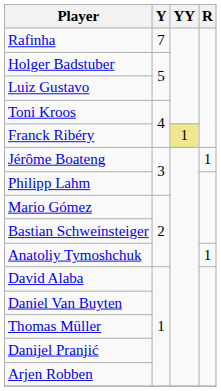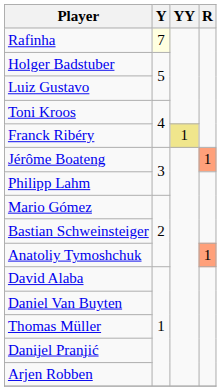 <table class="wikitable">
 <tr>
 <th>Player</th>
 <th>Y</th>
 <th>YY</th>
 <th>R</th>
 </tr>
 <tr>
 <td> <a href='#'>Rafinha</a></td>
-<td align=center>7</td>
+<td align=center style="background: lightyellow;">7</td>
 <td rowspan="4" align=center></td>
 <td rowspan="5" align=center></td>
 </tr>
 <tr>
 <td> <a href='#'>Holger Badstuber</a></td>
 <td rowspan="2" align=center>5</td>
 </tr>
 <tr>
 <td> <a href='#'>Luiz Gustavo</a></td>
 </tr>
 <tr>
 <td> <a href='#'>Toni Kroos</a></td>
 <td rowspan="2" align=center>4</td>
 </tr>
 <tr>
 <td> <a href='#'>Franck Ribéry</a></td>
 <td align=center style="background: khaki;">1</td>
 </tr>
 <tr>
 <td> <a href='#'>Jérôme Boateng</a></td>
 <td rowspan="2" align=center>3</td>
 <td rowspan="10" align=center></td>
-<td align=center>1</td>
+<td align=center style="background: lightsalmon;">1</td>
 </tr>
 <tr>
 <td> <a href='#'>Philipp Lahm</a></td>
 </tr>
 <tr>
 <td> <a href='#'>Mario Gómez</a></td>
 <td rowspan="3" align=center>2</td>
 </tr>
 <tr>
 <td> <a href='#'>Bastian Schweinsteiger</a></td>
 </tr>
 <tr>
 <td> <a href='#'>Anatoliy Tymoshchuk</a></td>
-<td align=center>1</td>
+<td align=center style="background: lightsalmon;">1</td>
 </tr>
 <tr>
 <td> <a href='#'>David Alaba</a></td>
 <td rowspan="5" align=center>1</td>
 <td rowspan="5" align=center></td>
 </tr>
 <tr>
 <td> <a href='#'>Daniel Van Buyten</a></td>
 </tr>
 <tr>
 <td> <a href='#'>Thomas Müller</a></td>
 </tr>
 <tr>
 <td> <a href='#'>Danijel Pranjić</a></td>
 </tr>
 <tr>
 <td> <a href='#'>Arjen Robben</a></td>
 </tr>
 <tr>
 </tr>
 </table>
